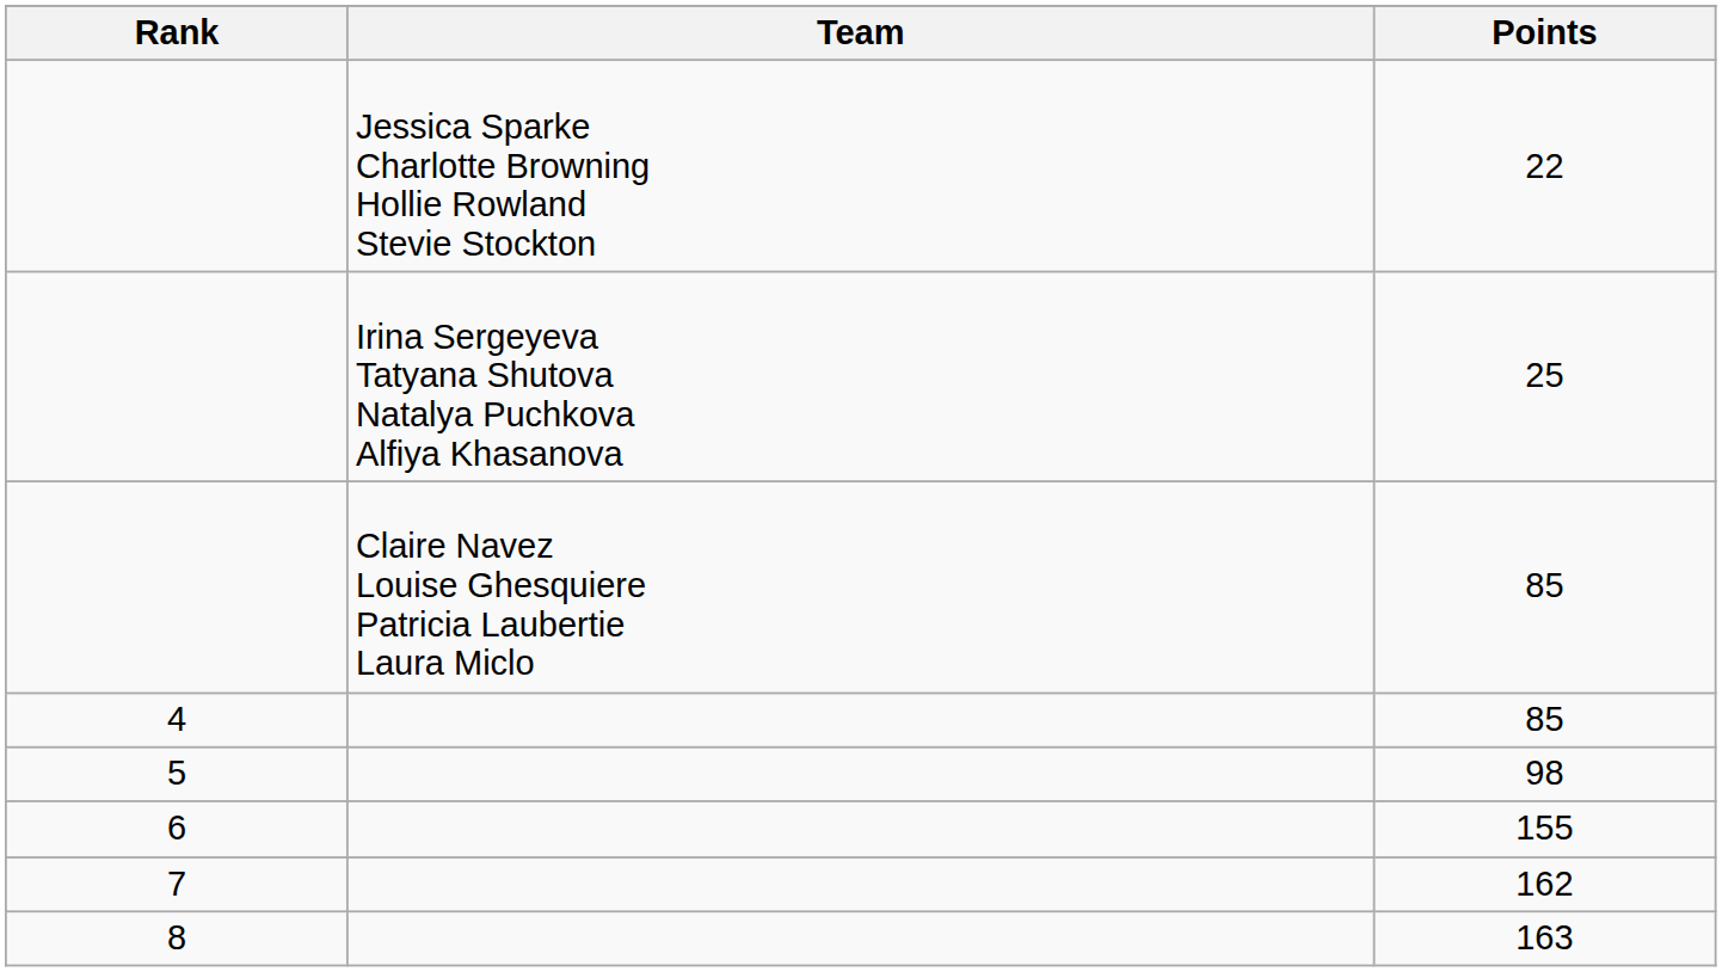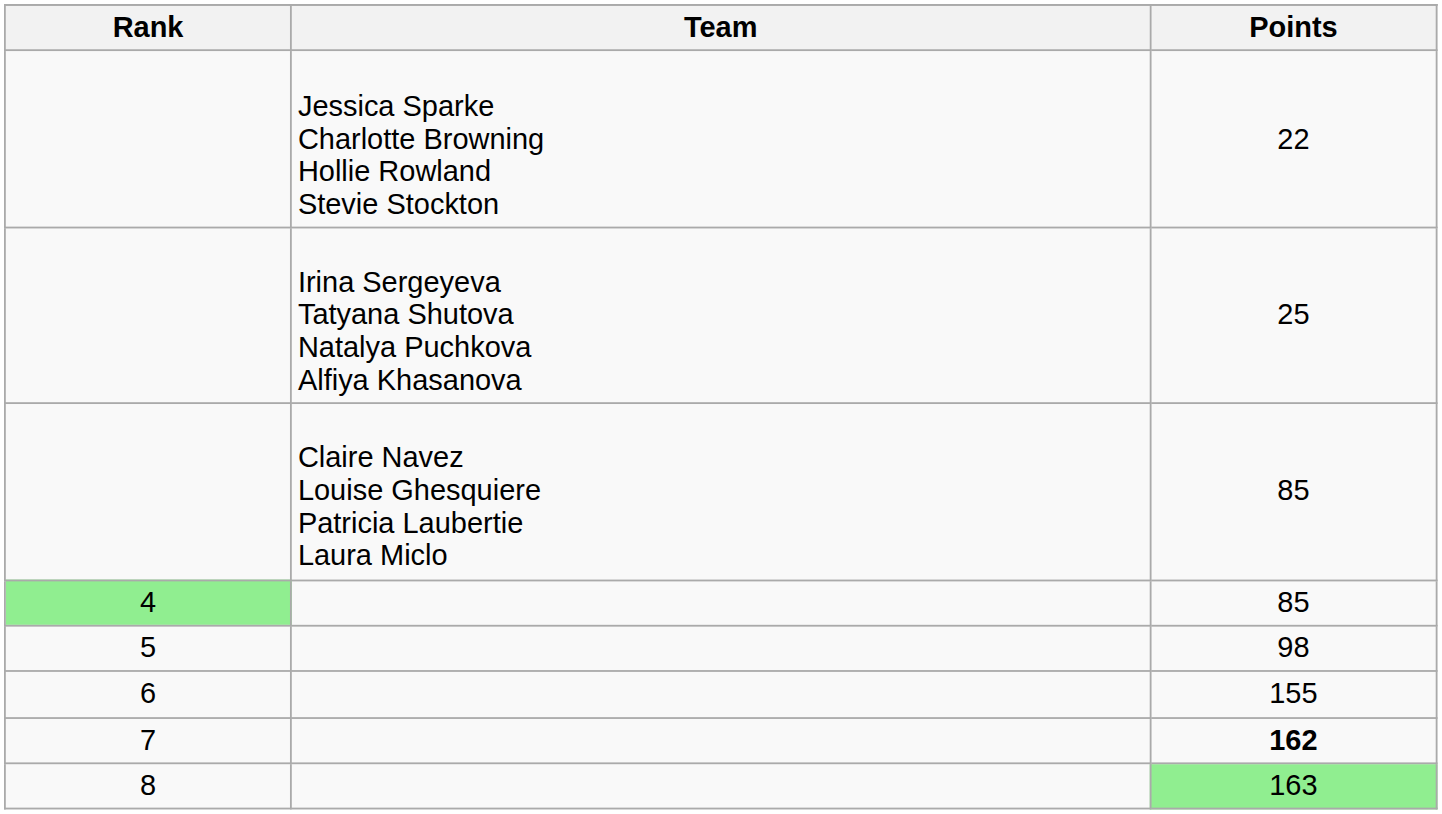 <table class="wikitable" width=50%>
 <tr>
 </tr>
 <tr>
 <th width=10%>Rank</th>
 <th width=30%>Team</th>
 <th width=10%>Points</th>
 </tr>
 <tr align="center">
 <td></td>
 <td align="left"><br>Jessica Sparke<br>Charlotte Browning<br>Hollie Rowland<br>Stevie Stockton</td>
 <td>22</td>
 </tr>
 <tr align="center">
 <td></td>
 <td align="left"><br>Irina Sergeyeva<br>Tatyana Shutova<br>Natalya Puchkova<br>Alfiya Khasanova</td>
 <td>25</td>
 </tr>
 <tr align="center">
 <td></td>
 <td align="left"><br>Claire Navez<br>Louise Ghesquiere<br>Patricia Laubertie<br>Laura Miclo</td>
 <td>85</td>
 </tr>
 <tr align="center">
-<td>4</td>
+<td style="background: lightgreen;">4</td>
 <td align="left"></td>
 <td>85</td>
 </tr>
 <tr align="center">
 <td>5</td>
 <td align="left"></td>
 <td>98</td>
 </tr>
 <tr align="center">
 <td>6</td>
 <td align="left"></td>
 <td>155</td>
 </tr>
 <tr align="center">
 <td>7</td>
 <td align="left"></td>
-<td>162</td>
+<td><strong>162</strong></td>
 </tr>
 <tr align="center">
 <td>8</td>
 <td align="left"></td>
-<td>163</td>
+<td style="background: lightgreen;">163</td>
 </tr>
 </table>
